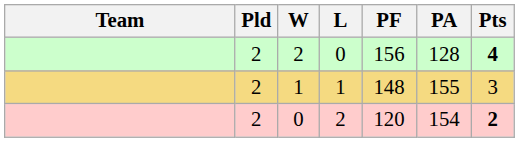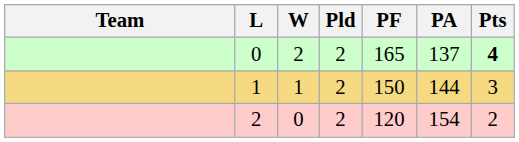 <table class="wikitable" style="text-align:center;">
 <tr>
 <th width=170>Team</th>
+<th width=25>L</th>
+<th width=25>W</th>
 <th width=25>Pld</th>
-<th width=25>W</th>
-<th width=25>L</th>
 <th width=35>PF</th>
 <th width=35>PA</th>
 <th width=25>Pts</th>
 </tr>
 <tr bgcolor=#ccffcc>
 <td align="left"></td>
+<td>0</td>
 <td>2</td>
 <td>2</td>
-<td>0</td>
-<td>156</td>
-<td>128</td>
+<td>165</td>
+<td>137</td>
 <td><strong>4</strong></td>
 </tr>
 <tr bgcolor=#F5DA81>
 <td align="left"></td>
-<td>2</td>
 <td>1</td>
 <td>1</td>
-<td>148</td>
-<td>155</td>
+<td>2</td>
+<td>150</td>
+<td>144</td>
 <td>3</td>
 </tr>
 <tr bgcolor=#ffcccc>
 <td align="left"></td>
 <td>2</td>
 <td>0</td>
 <td>2</td>
 <td>120</td>
 <td>154</td>
-<td><strong>2</strong></td>
+<td>2</td>
 </tr>
 </table>
